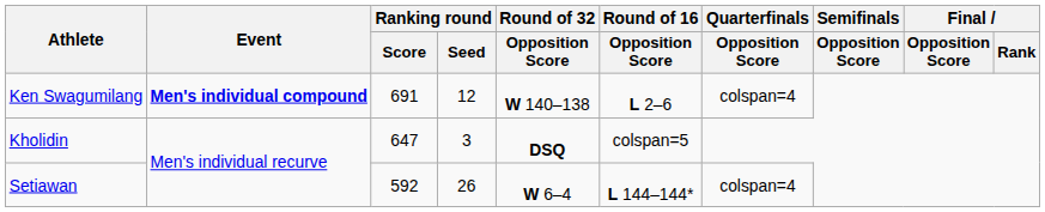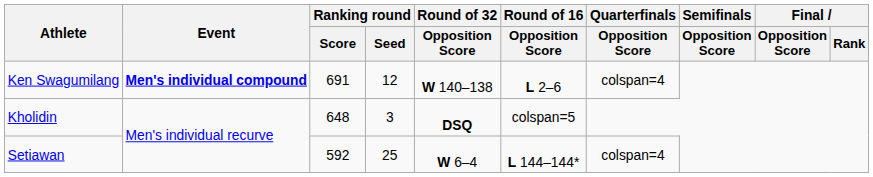 <table class="wikitable" style="text-align:center; font-size:90%">
 <tr>
 <th rowspan=2>Athlete</th>
 <th rowspan=2>Event</th>
 <th colspan=2>Ranking round</th>
 <th>Round of 32</th>
 <th>Round of 16</th>
 <th>Quarterfinals</th>
 <th>Semifinals</th>
 <th colspan=2>Final / </th>
 </tr>
 <tr style="font-size:95%">
 <th>Score</th>
 <th>Seed</th>
 <th>Opposition<br>Score</th>
 <th>Opposition<br>Score</th>
 <th>Opposition<br>Score</th>
 <th>Opposition<br>Score</th>
 <th>Opposition<br>Score</th>
 <th>Rank</th>
 </tr>
 <tr>
 <td align=left><a href='#'>Ken Swagumilang</a></td>
 <td align=left><strong><a href='#'>Men's individual compound</a></strong></td>
 <td>691</td>
 <td>12</td>
 <td><br><strong>W</strong> 140–138</td>
 <td><br><strong>L</strong> 2–6</td>
 <td>colspan=4 </td>
 </tr>
 <tr>
 <td align=left><a href='#'>Kholidin</a></td>
 <td align=left rowspan=2><a href='#'>Men's individual recurve</a></td>
-<td>647 </td>
+<td>648 </td>
 <td>3</td>
 <td><br><strong>DSQ</strong></td>
 <td>colspan=5 </td>
 </tr>
 <tr>
 <td align=left><a href='#'>Setiawan</a></td>
 <td>592</td>
-<td>26</td>
+<td>25</td>
 <td><br><strong>W</strong> 6–4</td>
 <td><br><strong>L</strong> 144–144*</td>
 <td>colspan=4 </td>
 </tr>
 </table>
